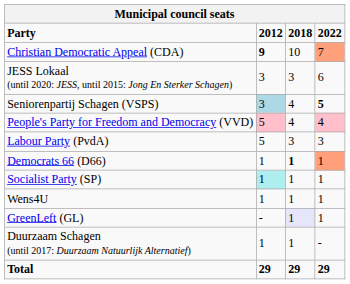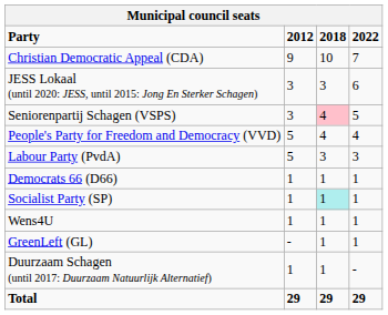 <table class="wikitable">
 <tr>
 <th colspan="16"><strong>Municipal council seats</strong></th>
 </tr>
 <tr>
 <td><strong>Party</strong></td>
 <td><strong>2012</strong></td>
 <td><strong>2018</strong></td>
 <td><strong>2022</strong></td>
 </tr>
 <tr>
 <td><a href='#'>Christian Democratic Appeal</a> (CDA)</td>
-<td><strong>9</strong></td>
+<td>9</td>
 <td>10</td>
-<td style="background: lightsalmon;">7</td>
+<td>7</td>
 </tr>
 <tr>
 <td>JESS Lokaal<br><small>(until 2020: <em>JESS</em>, until 2015: <em>Jong En Sterker Schagen</em>)</small></td>
 <td>3</td>
 <td>3</td>
 <td>6</td>
 </tr>
 <tr>
 <td>Seniorenpartij Schagen (VSPS)</td>
-<td style="background: lightblue;">3</td>
-<td>4</td>
-<td><strong>5</strong></td>
+<td>3</td>
+<td style="background: pink;">4</td>
+<td>5</td>
 </tr>
 <tr>
 <td><a href='#'>People's Party for Freedom and Democracy</a> (VVD)</td>
-<td style="background: pink;">5</td>
+<td>5</td>
 <td>4</td>
-<td style="background: pink;">4</td>
+<td>4</td>
 </tr>
 <tr>
 <td><a href='#'>Labour Party</a> (PvdA)</td>
 <td>5</td>
 <td>3</td>
 <td>3</td>
 </tr>
 <tr>
 <td><a href='#'>Democrats 66</a> (D66)</td>
 <td>1</td>
-<td><strong>1</strong></td>
-<td style="background: lightsalmon;">1</td>
+<td>1</td>
+<td>1</td>
 </tr>
 <tr>
 <td><a href='#'>Socialist Party</a> (SP)</td>
+<td>1</td>
 <td style="background: paleturquoise;">1</td>
-<td>1</td>
 <td>1</td>
 </tr>
 <tr>
 <td>Wens4U</td>
 <td>1</td>
 <td>1</td>
 <td>1</td>
 </tr>
 <tr>
 <td><a href='#'>GreenLeft</a> (GL)</td>
 <td>-</td>
-<td style="background: lavender;">1</td>
+<td>1</td>
 <td>1</td>
 </tr>
 <tr>
 <td>Duurzaam Schagen<br><small>(until 2017: <em>Duurzaam Natuurlijk Alternatief</em>)</small></td>
 <td>1</td>
 <td>1</td>
 <td>-</td>
 </tr>
 <tr>
 <td><strong>Total</strong></td>
 <td><strong>29</strong></td>
 <td><strong>29</strong></td>
 <td><strong>29</strong></td>
 </tr>
 </table>
